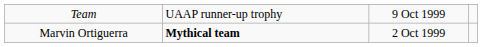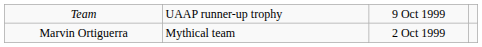 <table class=wikitable width=50%>
 <tr align=center>
 <td><em>Team</em></td>
 <td align=left>UAAP runner-up trophy</td>
 <td>9 Oct 1999</td>
 <td></td>
 </tr>
 <tr align=center>
 <td>Marvin Ortiguerra</td>
-<td align=left><strong>Mythical team</strong></td>
+<td align=left>Mythical team</td>
 <td>2 Oct 1999</td>
 <td></td>
 </tr>
 </table>
